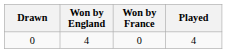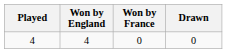 <table class="wikitable">
 <tr>
-<th width="80">Drawn</th>
+<th width="80">Played</th>
 <th width="75">Won by<br>England</th>
 <th width="75">Won by<br>France</th>
-<th width="80">Played</th>
+<th width="80">Drawn</th>
 </tr>
 <tr>
-<td align=center>0</td>
+<td align=center>4</td>
 <td align=center>4</td>
 <td align=center>0</td>
-<td align=center>4</td>
+<td align=center>0</td>
 </tr>
 </table>
